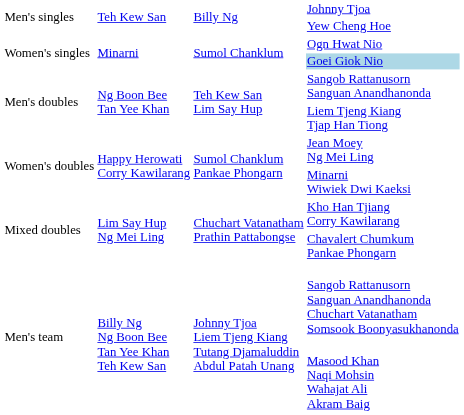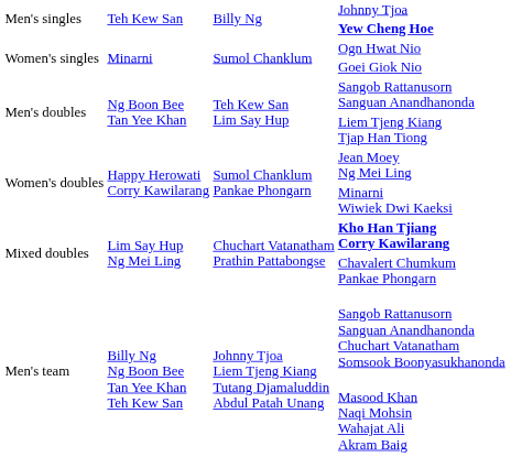 <table>
 <tr>
 <td rowspan="2">Men's singles</td>
 <td rowspan="2"> <a href='#'>Teh Kew San</a></td>
 <td rowspan="2"> <a href='#'>Billy Ng</a></td>
 <td> <a href='#'>Johnny Tjoa</a></td>
 </tr>
 <tr>
-<td> <a href='#'>Yew Cheng Hoe</a></td>
+<td><strong> <a href='#'>Yew Cheng Hoe</a></strong></td>
 </tr>
 <tr>
 <td rowspan="2">Women's singles</td>
 <td rowspan="2"> <a href='#'>Minarni</a></td>
 <td rowspan="2"> <a href='#'>Sumol Chanklum</a></td>
 <td> <a href='#'>Ogn Hwat Nio</a></td>
 </tr>
 <tr>
-<td style="background: lightblue;"> <a href='#'>Goei Giok Nio</a></td>
+<td> <a href='#'>Goei Giok Nio</a></td>
 </tr>
 <tr>
 <td rowspan="2">Men's doubles</td>
 <td rowspan="2"> <a href='#'>Ng Boon Bee</a> <br>  <a href='#'>Tan Yee Khan</a></td>
 <td rowspan="2"> <a href='#'>Teh Kew San</a> <br>  <a href='#'>Lim Say Hup</a></td>
 <td> <a href='#'>Sangob Rattanusorn</a> <br>  <a href='#'>Sanguan Anandhanonda</a></td>
 </tr>
 <tr>
 <td> <a href='#'>Liem Tjeng Kiang</a> <br>  <a href='#'>Tjap Han Tiong</a></td>
 </tr>
 <tr>
 <td rowspan="2">Women's doubles</td>
 <td rowspan="2"> <a href='#'>Happy Herowati</a> <br>  <a href='#'>Corry Kawilarang</a></td>
 <td rowspan="2"> <a href='#'>Sumol Chanklum</a> <br>  <a href='#'>Pankae Phongarn</a></td>
 <td> <a href='#'>Jean Moey</a> <br>  <a href='#'>Ng Mei Ling</a></td>
 </tr>
 <tr>
 <td> <a href='#'>Minarni</a> <br>  <a href='#'>Wiwiek Dwi Kaeksi</a></td>
 </tr>
 <tr>
 <td rowspan="2">Mixed doubles</td>
 <td rowspan="2"> <a href='#'>Lim Say Hup</a> <br>  <a href='#'>Ng Mei Ling</a></td>
 <td rowspan="2"> <a href='#'>Chuchart Vatanatham</a> <br>  <a href='#'>Prathin Pattabongse</a></td>
-<td> <a href='#'>Kho Han Tjiang</a> <br>  <a href='#'>Corry Kawilarang</a></td>
+<td><strong> <a href='#'>Kho Han Tjiang</a> <br>  <a href='#'>Corry Kawilarang</a></strong></td>
 </tr>
 <tr>
 <td> <a href='#'>Chavalert Chumkum</a> <br>  <a href='#'>Pankae Phongarn</a></td>
 </tr>
 <tr>
 <td rowspan="2">Men's team<br></td>
 <td rowspan="2"><br><a href='#'>Billy Ng</a><br><a href='#'>Ng Boon Bee</a><br><a href='#'>Tan Yee Khan</a><br><a href='#'>Teh Kew San</a></td>
 <td rowspan="2"><br><a href='#'>Johnny Tjoa</a><br><a href='#'>Liem Tjeng Kiang</a><br><a href='#'>Tutang Djamaluddin</a><br><a href='#'>Abdul Patah Unang</a></td>
 <td><br><a href='#'>Sangob Rattanusorn</a><br><a href='#'>Sanguan Anandhanonda</a><br><a href='#'>Chuchart Vatanatham</a><br><a href='#'>Somsook Boonyasukhanonda</a></td>
 </tr>
 <tr>
 <td><br><a href='#'>Masood Khan</a><br><a href='#'>Naqi Mohsin</a><br><a href='#'>Wahajat Ali</a><br><a href='#'>Akram Baig</a></td>
 </tr>
 </table>
